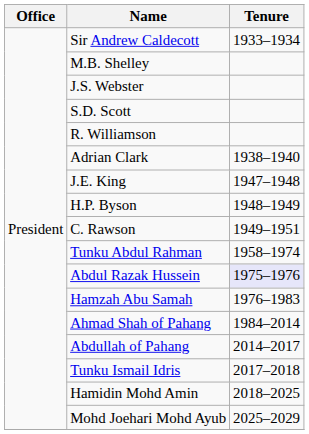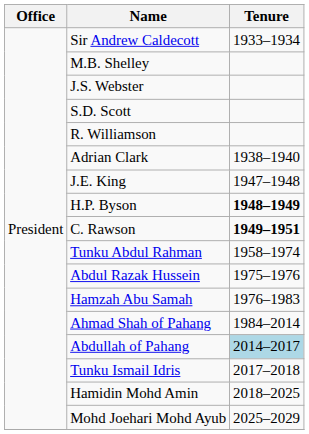 <table class="wikitable">
 <tr>
 <th>Office</th>
 <th>Name</th>
 <th>Tenure</th>
 </tr>
 <tr>
 <td rowspan=17>President</td>
 <td>Sir <a href='#'>Andrew Caldecott</a></td>
 <td>1933–1934</td>
 </tr>
 <tr>
 <td>M.B. Shelley</td>
 <td></td>
 </tr>
 <tr>
 <td>J.S. Webster</td>
 <td></td>
 </tr>
 <tr>
 <td>S.D. Scott</td>
 <td></td>
 </tr>
 <tr>
 <td>R. Williamson</td>
 <td></td>
 </tr>
 <tr>
 <td>Adrian Clark</td>
 <td>1938–1940</td>
 </tr>
 <tr>
 <td>J.E. King</td>
 <td>1947–1948</td>
 </tr>
 <tr>
 <td>H.P. Byson</td>
-<td>1948–1949</td>
+<td><strong>1948–1949</strong></td>
 </tr>
 <tr>
 <td>C. Rawson</td>
-<td>1949–1951</td>
+<td><strong>1949–1951</strong></td>
 </tr>
 <tr>
 <td><a href='#'>Tunku Abdul Rahman</a></td>
 <td>1958–1974</td>
 </tr>
 <tr>
 <td><a href='#'>Abdul Razak Hussein</a></td>
-<td style="background: lavender;">1975–1976</td>
+<td>1975–1976</td>
 </tr>
 <tr>
 <td><a href='#'>Hamzah Abu Samah</a></td>
 <td>1976–1983</td>
 </tr>
 <tr>
 <td><a href='#'>Ahmad Shah of Pahang</a></td>
 <td>1984–2014</td>
 </tr>
 <tr>
 <td><a href='#'>Abdullah of Pahang</a></td>
-<td>2014–2017</td>
+<td style="background: lightblue;">2014–2017</td>
 </tr>
 <tr>
 <td><a href='#'>Tunku Ismail Idris</a></td>
 <td>2017–2018</td>
 </tr>
 <tr>
 <td>Hamidin Mohd Amin</td>
 <td>2018–2025</td>
 </tr>
 <tr>
 <td>Mohd Joehari Mohd Ayub</td>
 <td>2025–2029</td>
 </tr>
 <tr>
 </tr>
 </table>
